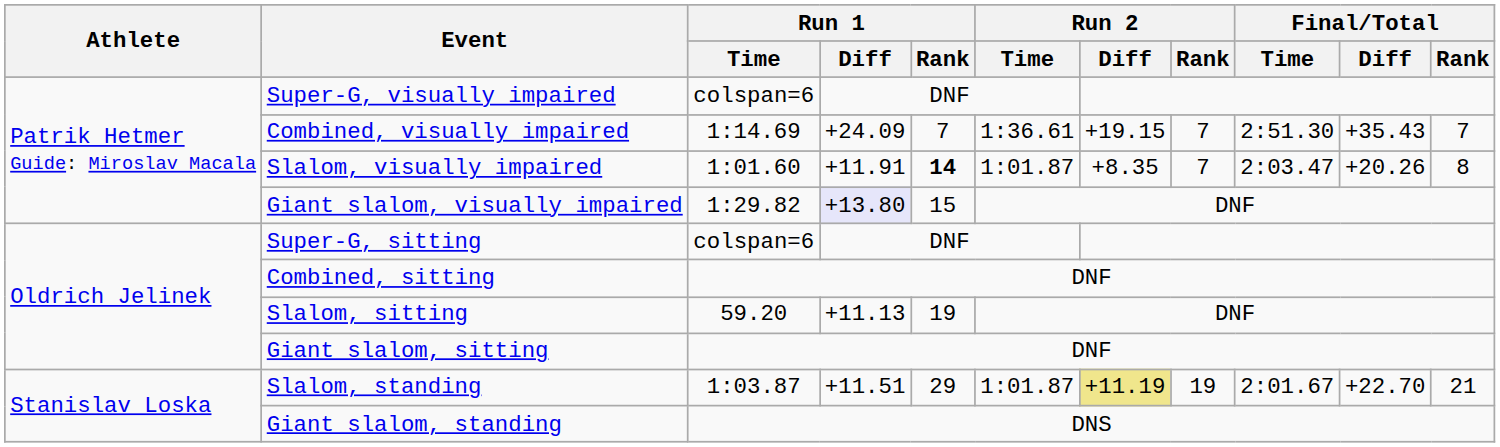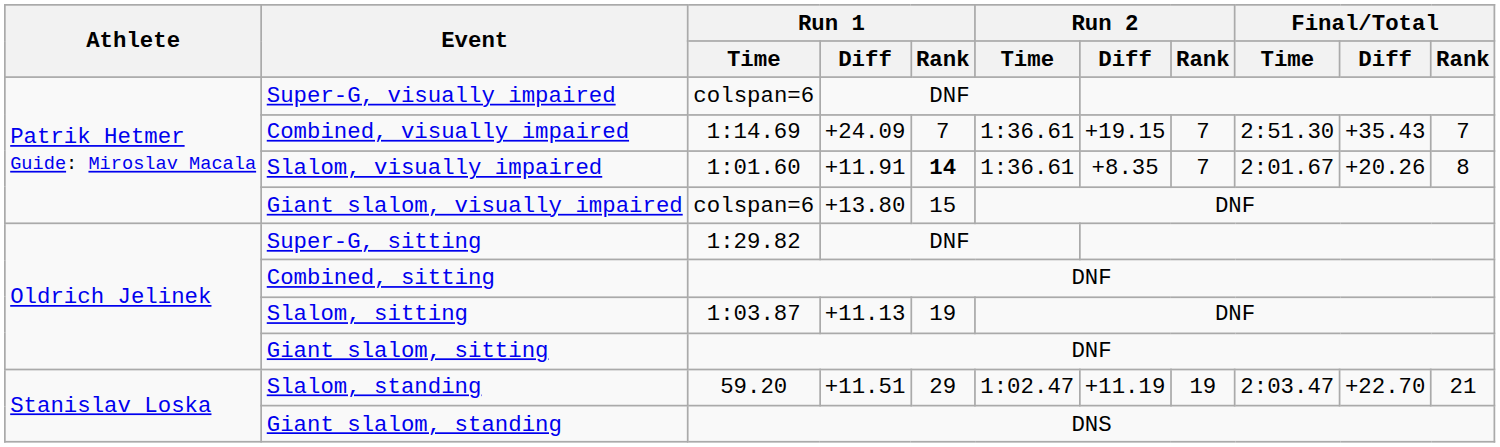 <table class="wikitable" style="font-size:100%">
 <tr>
 <th rowspan="2">Athlete</th>
 <th rowspan="2">Event</th>
 <th colspan="3">Run 1</th>
 <th colspan="3">Run 2</th>
 <th colspan="3">Final/Total</th>
 </tr>
 <tr>
 <th>Time</th>
 <th>Diff</th>
 <th>Rank</th>
 <th>Time</th>
 <th>Diff</th>
 <th>Rank</th>
 <th>Time</th>
 <th>Diff</th>
 <th>Rank</th>
 </tr>
 <tr>
 <td rowspan=4><a href='#'>Patrik Hetmer</a><br><small><a href='#'>Guide</a>: <a href='#'>Miroslav Macala</a></small></td>
 <td><a href='#'>Super-G, visually impaired</a></td>
 <td>colspan=6 </td>
 <td align="center" colspan=3>DNF</td>
 </tr>
 <tr>
 <td><a href='#'>Combined, visually impaired</a></td>
 <td align="center">1:14.69</td>
 <td align="center">+24.09</td>
 <td align="center">7</td>
 <td align="center">1:36.61</td>
 <td align="center">+19.15</td>
 <td align="center">7</td>
 <td align="center">2:51.30</td>
 <td align="center">+35.43</td>
 <td align="center">7</td>
 </tr>
 <tr>
 <td><a href='#'>Slalom, visually impaired</a></td>
 <td align="center">1:01.60</td>
 <td align="center">+11.91</td>
 <td align="center"><strong>14</strong></td>
-<td align="center">1:01.87</td>
+<td align="center">1:36.61</td>
 <td align="center">+8.35</td>
 <td align="center">7</td>
-<td align="center">2:03.47</td>
+<td align="center">2:01.67</td>
 <td align="center">+20.26</td>
 <td align="center">8</td>
 </tr>
 <tr>
 <td><a href='#'>Giant slalom, visually impaired</a></td>
-<td align="center">1:29.82</td>
-<td align="center" style="background: lavender;">+13.80</td>
+<td>colspan=6 </td>
+<td align="center">+13.80</td>
 <td align="center">15</td>
 <td align="center" colspan=6>DNF</td>
 </tr>
 <tr>
 <td rowspan=4><a href='#'>Oldrich Jelinek</a></td>
 <td><a href='#'>Super-G, sitting</a></td>
-<td>colspan=6 </td>
+<td align="center">1:29.82</td>
 <td align="center" colspan=3>DNF</td>
 </tr>
 <tr>
 <td><a href='#'>Combined, sitting</a></td>
 <td align="center" colspan=9>DNF</td>
 </tr>
 <tr>
 <td><a href='#'>Slalom, sitting</a></td>
-<td align="center">59.20</td>
+<td align="center">1:03.87</td>
 <td align="center">+11.13</td>
 <td align="center">19</td>
 <td align="center" colspan=6>DNF</td>
 </tr>
 <tr>
 <td><a href='#'>Giant slalom, sitting</a></td>
 <td align="center" colspan=9>DNF</td>
 </tr>
 <tr>
 <td rowspan=2><a href='#'>Stanislav Loska</a></td>
 <td><a href='#'>Slalom, standing</a></td>
-<td align="center">1:03.87</td>
+<td align="center">59.20</td>
 <td align="center">+11.51</td>
 <td align="center">29</td>
-<td align="center">1:01.87</td>
-<td align="center" style="background: khaki;">+11.19</td>
+<td align="center">1:02.47</td>
+<td align="center">+11.19</td>
 <td align="center">19</td>
-<td align="center">2:01.67</td>
+<td align="center">2:03.47</td>
 <td align="center">+22.70</td>
 <td align="center">21</td>
 </tr>
 <tr>
 <td><a href='#'>Giant slalom, standing</a></td>
 <td align="center" colspan=9>DNS</td>
 </tr>
 </table>
